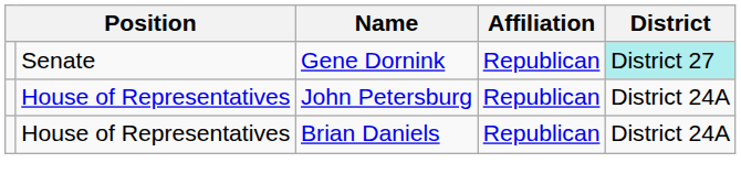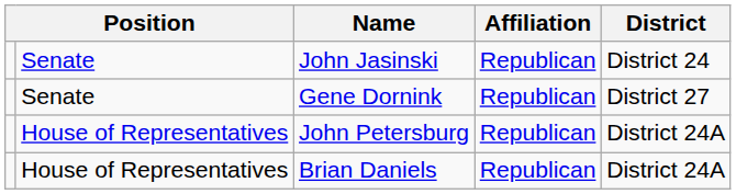 <table class="wikitable">
 <tr>
 <th colspan="2">Position</th>
 <th>Name</th>
 <th>Affiliation</th>
 <th>District</th>
 </tr>
 <tr>
 <td style="background-color:"></td>
+<td><a href='#'>Senate</a></td>
+<td><a href='#'>John Jasinski</a></td>
+<td><a href='#'>Republican</a></td>
+<td>District 24</td>
+</tr>
+<tr>
+<td style="background-color:"></td>
 <td>Senate</td>
 <td><a href='#'>Gene Dornink</a></td>
 <td><a href='#'>Republican</a></td>
-<td style="background: paleturquoise;">District 27</td>
+<td>District 27</td>
 </tr>
 <tr>
 <td style="background-color:"></td>
 <td><a href='#'>House of Representatives</a></td>
 <td><a href='#'>John Petersburg</a></td>
 <td><a href='#'>Republican</a></td>
 <td>District 24A</td>
 </tr>
 <tr>
 <td style="background-color:"></td>
 <td>House of Representatives</td>
 <td><a href='#'>Brian Daniels</a></td>
 <td><a href='#'>Republican</a></td>
 <td>District 24A</td>
 </tr>
 </table>
